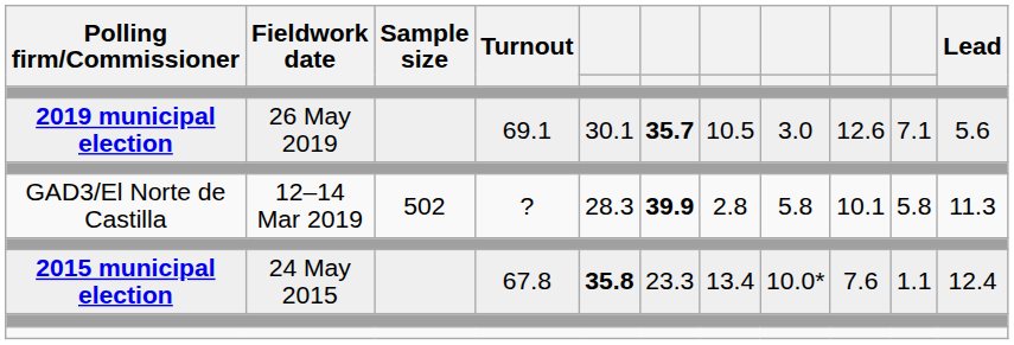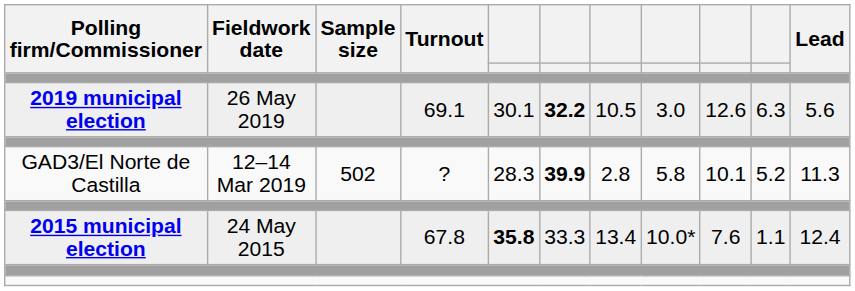 <table class="wikitable collapsible collapsed" style="text-align:center; font-size:95%; line-height:16px;">
 <tr style="height:42px;">
 <th style="width:250px;" rowspan="2">Polling firm/Commissioner</th>
 <th style="width:125px;" rowspan="2">Fieldwork date</th>
 <th style="width:50px;" rowspan="2">Sample size</th>
 <th style="width:45px;" rowspan="2">Turnout</th>
 <th style="width:35px;"></th>
 <th style="width:35px;"></th>
 <th style="width:35px;"></th>
 <th style="width:35px;"></th>
 <th style="width:35px;"></th>
 <th style="width:35px;"></th>
 <th style="width:30px;" rowspan="2">Lead</th>
 </tr>
 <tr>
 <th style="color:inherit;background:"></th>
 <th style="color:inherit;background:"></th>
 <th style="color:inherit;background:"></th>
 <th style="color:inherit;background:"></th>
 <th style="color:inherit;background:"></th>
 <th style="color:inherit;background:"></th>
 </tr>
 <tr>
 <td colspan="11" style="background:#A0A0A0"></td>
 </tr>
 <tr style="background:#EFEFEF;">
 <td><strong><a href='#'>2019 municipal election</a></strong></td>
 <td>26 May 2019</td>
 <td></td>
 <td>69.1</td>
 <td>30.1<br></td>
-<td><strong>35.7</strong><br></td>
+<td><strong>32.2</strong><br></td>
 <td>10.5<br></td>
 <td>3.0<br></td>
 <td>12.6<br></td>
-<td>7.1<br></td>
+<td>6.3<br></td>
 <td style="background:">5.6</td>
 </tr>
 <tr>
 <td colspan="11" style="background:#A0A0A0"></td>
 </tr>
 <tr>
 <td>GAD3/El Norte de Castilla</td>
 <td>12–14 Mar 2019</td>
 <td>502</td>
 <td>?</td>
 <td>28.3<br></td>
 <td><strong>39.9</strong><br></td>
 <td>2.8<br></td>
 <td>5.8<br></td>
 <td>10.1<br></td>
-<td>5.8<br></td>
+<td>5.2<br></td>
 <td style="background:">11.3</td>
 </tr>
 <tr>
 <td colspan="11" style="background:#A0A0A0"></td>
 </tr>
 <tr style="background:#EFEFEF;">
 <td><strong><a href='#'>2015 municipal election</a></strong></td>
 <td>24 May 2015</td>
 <td></td>
 <td>67.8</td>
 <td><strong>35.8</strong><br></td>
-<td>23.3<br></td>
+<td>33.3<br></td>
 <td>13.4<br></td>
 <td>10.0*<br></td>
 <td>7.6<br></td>
 <td>1.1<br></td>
 <td style="background:">12.4</td>
 </tr>
 <tr>
 <td colspan="11" style="background:#A0A0A0"></td>
 </tr>
 <tr>
 <td align="left" colspan="11"></td>
 </tr>
 </table>
